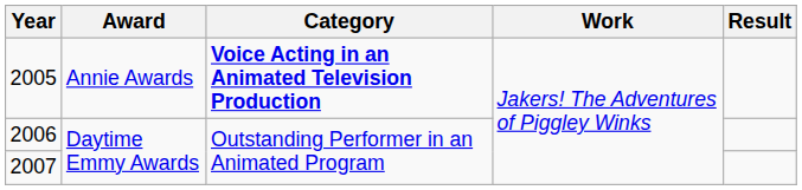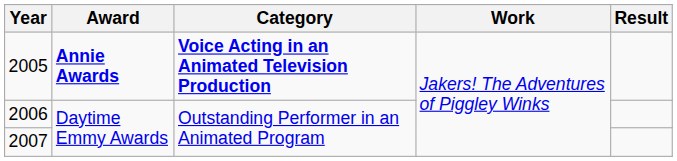 <table class="wikitable">
 <tr>
 <th>Year</th>
 <th>Award</th>
 <th>Category</th>
 <th>Work</th>
 <th>Result</th>
 </tr>
 <tr>
 <td>2005</td>
-<td><a href='#'>Annie Awards</a></td>
+<td><strong><a href='#'>Annie Awards</a></strong></td>
 <td><strong><a href='#'>Voice Acting in an Animated Television Production</a></strong></td>
 <td rowspan="3"><em><a href='#'>Jakers! The Adventures of Piggley Winks</a></em></td>
 <td></td>
 </tr>
 <tr>
 <td>2006</td>
 <td rowspan="2"><a href='#'>Daytime Emmy Awards</a></td>
 <td rowspan="2"><a href='#'>Outstanding Performer in an Animated Program</a></td>
 <td></td>
 </tr>
 <tr>
 <td>2007</td>
 <td></td>
 </tr>
 </table>
